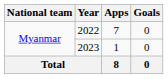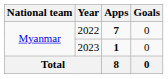 <table class=wikitable style=text-align:center>
 <tr>
 <th>National team</th>
 <th>Year</th>
 <th>Apps</th>
 <th>Goals</th>
 </tr>
 <tr>
 <td rowspan=2><a href='#'>Myanmar</a></td>
 <td>2022</td>
-<td>7</td>
+<td><strong>7</strong></td>
 <td>0</td>
 </tr>
 <tr>
 <td>2023</td>
-<td>1</td>
+<td><strong>1</strong></td>
 <td>0</td>
 </tr>
 <tr>
 <th colspan=2>Total</th>
 <th>8</th>
 <th>0</th>
 </tr>
 </table>
